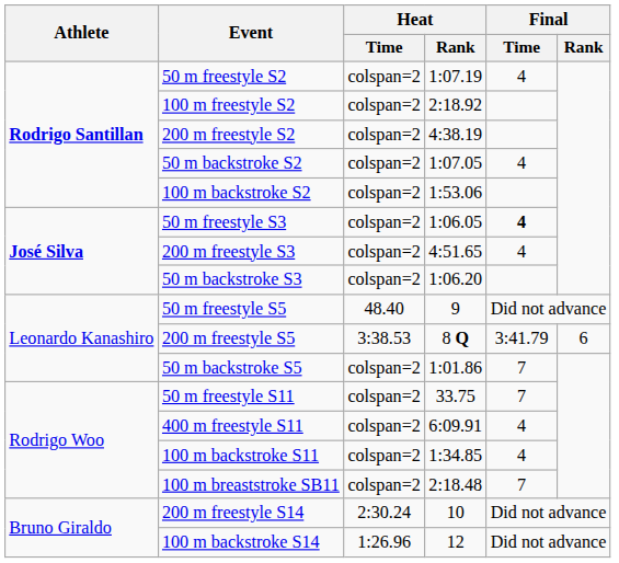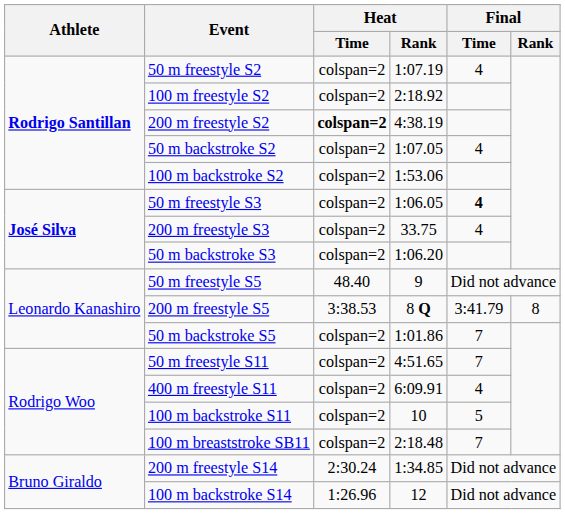 <table class=wikitable style=font-size:90%;text-align:center>
 <tr>
 <th rowspan=2>Athlete</th>
 <th rowspan=2>Event</th>
 <th colspan=2>Heat</th>
 <th colspan=2>Final</th>
 </tr>
 <tr style=font-size:95%>
 <th>Time</th>
 <th>Rank</th>
 <th>Time</th>
 <th>Rank</th>
 </tr>
 <tr align=center>
 <td align=left rowspan=5><strong><a href='#'>Rodrigo Santillan</a></strong></td>
 <td align=left><a href='#'>50 m freestyle S2</a></td>
 <td>colspan=2 </td>
 <td>1:07.19</td>
 <td>4</td>
 </tr>
 <tr align=center>
 <td align=left><a href='#'>100 m freestyle S2</a></td>
 <td>colspan=2 </td>
 <td>2:18.92</td>
 <td></td>
 </tr>
 <tr align=center>
 <td align=left><a href='#'>200 m freestyle S2</a></td>
-<td>colspan=2 </td>
+<td><strong>colspan=2 </strong></td>
 <td>4:38.19</td>
 <td></td>
 </tr>
 <tr align=center>
 <td align=left><a href='#'>50 m backstroke S2</a></td>
 <td>colspan=2 </td>
 <td>1:07.05</td>
 <td>4</td>
 </tr>
 <tr align=center>
 <td align=left><a href='#'>100 m backstroke S2</a></td>
 <td>colspan=2 </td>
 <td>1:53.06</td>
 <td></td>
 </tr>
 <tr align=center>
 <td align=left rowspan=3><strong><a href='#'>José Silva</a></strong></td>
 <td align=left><a href='#'>50 m freestyle S3</a></td>
 <td>colspan=2 </td>
 <td>1:06.05</td>
 <td><strong>4</strong></td>
 </tr>
 <tr align=center>
 <td align=left><a href='#'>200 m freestyle S3</a></td>
 <td>colspan=2 </td>
-<td>4:51.65</td>
+<td>33.75</td>
 <td>4</td>
 </tr>
 <tr align=center>
 <td align=left><a href='#'>50 m backstroke S3</a></td>
 <td>colspan=2 </td>
 <td>1:06.20</td>
 <td></td>
 </tr>
 <tr align=center>
 <td align=left rowspan=3><a href='#'>Leonardo Kanashiro</a></td>
 <td align=left><a href='#'>50 m freestyle S5</a></td>
 <td>48.40</td>
 <td>9</td>
 <td colspan=2>Did not advance</td>
 </tr>
 <tr align=center>
 <td align=left><a href='#'>200 m freestyle S5</a></td>
 <td>3:38.53</td>
 <td>8 <strong>Q</strong></td>
 <td>3:41.79</td>
-<td>6</td>
+<td>8</td>
 </tr>
 <tr align=center>
 <td align=left><a href='#'>50 m backstroke S5</a></td>
 <td>colspan=2 </td>
 <td>1:01.86</td>
 <td>7</td>
 </tr>
 <tr align=center>
 <td align=left rowspan=4><a href='#'>Rodrigo Woo</a></td>
 <td align=left><a href='#'>50 m freestyle S11</a></td>
 <td>colspan=2 </td>
-<td>33.75</td>
+<td>4:51.65</td>
 <td>7</td>
 </tr>
 <tr align=center>
 <td align=left><a href='#'>400 m freestyle S11</a></td>
 <td>colspan=2 </td>
 <td>6:09.91</td>
 <td>4</td>
 </tr>
 <tr align=center>
 <td align=left><a href='#'>100 m backstroke S11</a></td>
 <td>colspan=2 </td>
-<td>1:34.85</td>
-<td>4</td>
+<td>10</td>
+<td>5</td>
 </tr>
 <tr align=center>
 <td align=left><a href='#'>100 m breaststroke SB11</a></td>
 <td>colspan=2 </td>
 <td>2:18.48</td>
 <td>7</td>
 </tr>
 <tr align=center>
 <td align=left rowspan=2><a href='#'>Bruno Giraldo</a></td>
 <td align=left><a href='#'>200 m freestyle S14</a></td>
 <td>2:30.24</td>
-<td>10</td>
+<td>1:34.85</td>
 <td colspan=2>Did not advance</td>
 </tr>
 <tr align=center>
 <td align=left><a href='#'>100 m backstroke S14</a></td>
 <td>1:26.96</td>
 <td>12</td>
 <td colspan=2>Did not advance</td>
 </tr>
 </table>
